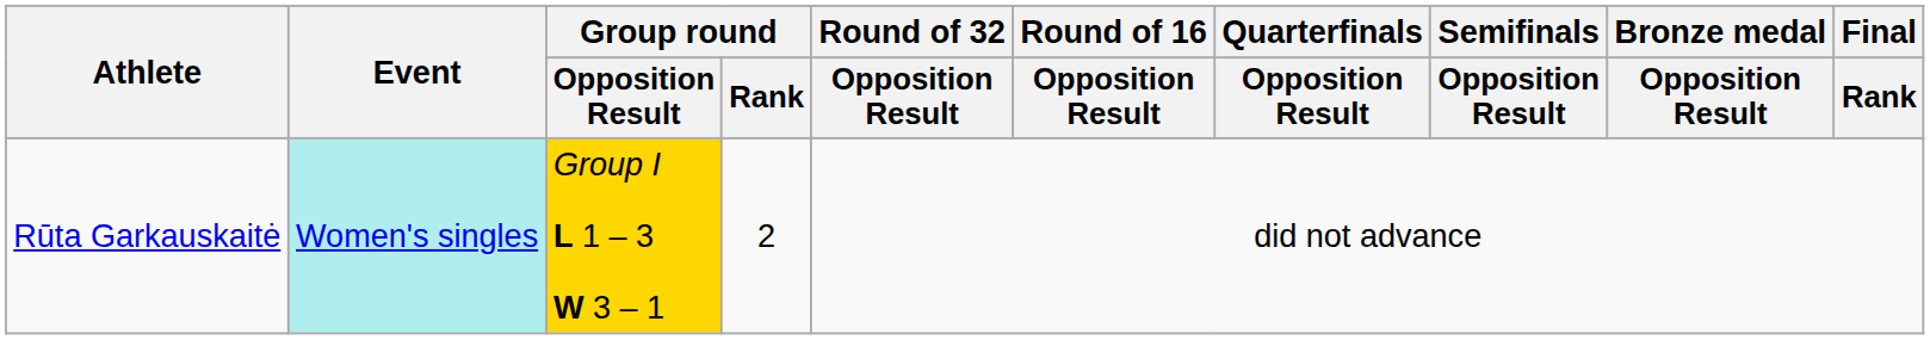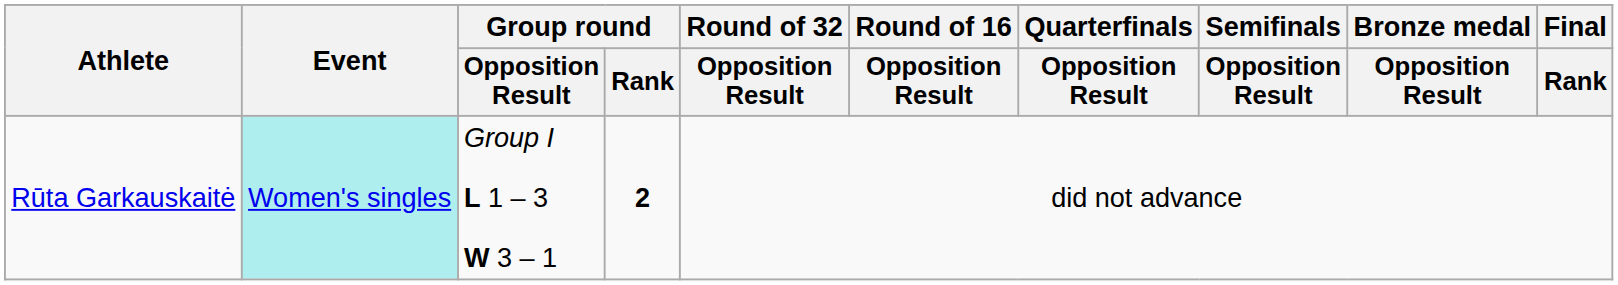 <table class="wikitable" style="font-size:90%;">
 <tr>
 <th rowspan="2">Athlete</th>
 <th rowspan="2">Event</th>
 <th colspan="2">Group round</th>
 <th>Round of 32</th>
 <th>Round of 16</th>
 <th>Quarterfinals</th>
 <th>Semifinals</th>
 <th>Bronze medal</th>
 <th colspan=2>Final</th>
 </tr>
 <tr style="font-size:95%">
 <th>Opposition<br>Result</th>
 <th>Rank</th>
 <th>Opposition<br>Result</th>
 <th>Opposition<br>Result</th>
 <th>Opposition<br>Result</th>
 <th>Opposition<br>Result</th>
 <th>Opposition<br>Result</th>
 <th>Rank</th>
 </tr>
 <tr align=center>
 <td align=left><a href='#'>Rūta Garkauskaitė</a></td>
 <td align=left style="background: paleturquoise;"><a href='#'>Women's singles</a></td>
-<td align=left style="background: gold;"><em>Group I</em><br><br><strong>L</strong> 1 – 3<br><br><strong>W</strong> 3 – 1</td>
-<td>2</td>
+<td align=left><em>Group I</em><br><br><strong>L</strong> 1 – 3<br><br><strong>W</strong> 3 – 1</td>
+<td><strong>2</strong></td>
 <td colspan=8>did not advance</td>
 </tr>
 </table>
